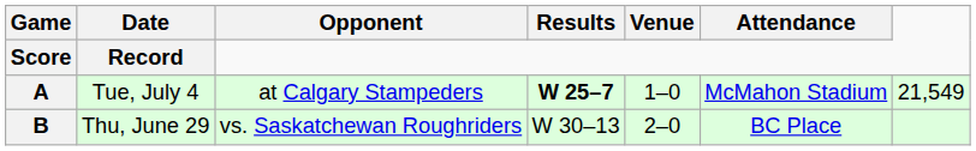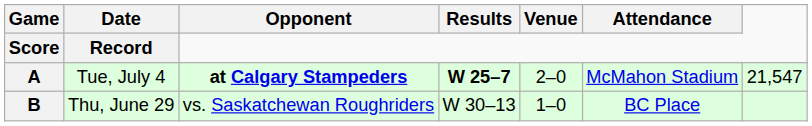 <table class="wikitable" style="text-align:center">
 <tr>
 <th>Game</th>
 <th>Date</th>
 <th>Opponent</th>
 <th>Results</th>
 <th>Venue</th>
 <th>Attendance</th>
 </tr>
 <tr>
 <th>Score</th>
 <th>Record</th>
 </tr>
 <tr style="background:#ddffdd">
 <th>A</th>
 <td>Tue, July 4</td>
-<td>at <a href='#'>Calgary Stampeders</a></td>
+<td><strong>at <a href='#'>Calgary Stampeders</a></strong></td>
 <td><strong>W 25–7</strong></td>
-<td>1–0</td>
+<td>2–0</td>
 <td><a href='#'>McMahon Stadium</a></td>
-<td>21,549</td>
+<td>21,547</td>
 </tr>
 <tr style="background:#ddffdd">
 <th>B</th>
 <td>Thu, June 29</td>
 <td>vs. <a href='#'>Saskatchewan Roughriders</a></td>
 <td>W 30–13</td>
-<td>2–0</td>
+<td>1–0</td>
 <td><a href='#'>BC Place</a></td>
 <td></td>
 </tr>
 </table>
